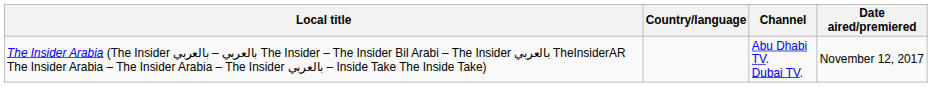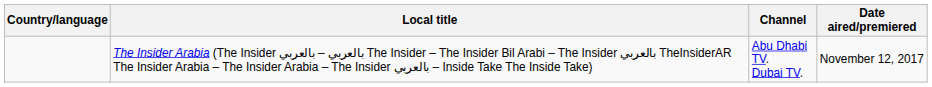 <table class="wikitable">
 <tr>
+<th>Country/language</th>
 <th>Local title</th>
-<th>Country/language</th>
 <th>Channel</th>
 <th>Date aired/premiered</th>
 </tr>
 <tr>
+<td></td>
 <td><em><a href='#'>The Insider Arabia</a></em> (The Insider بالعربي – بالعربي The Insider – The Insider Bil Arabi – The Insider بالعربي TheInsiderAR The Insider Arabia – The Insider Arabia – The Insider بالعربي – Inside Take The Inside Take)</td>
-<td></td>
 <td><a href='#'>Abu Dhabi TV</a>.<br><a href='#'>Dubai TV</a>.</td>
 <td>November 12, 2017</td>
 </tr>
 </table>
